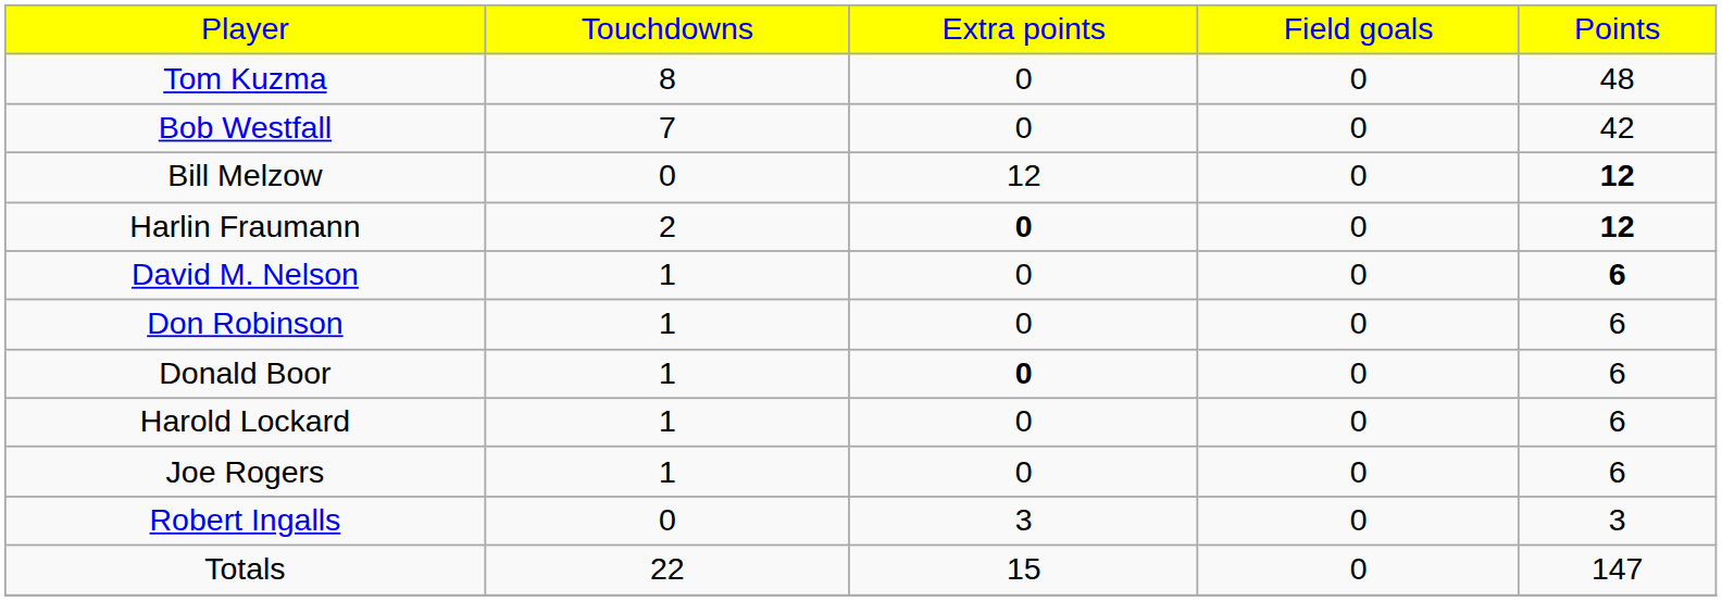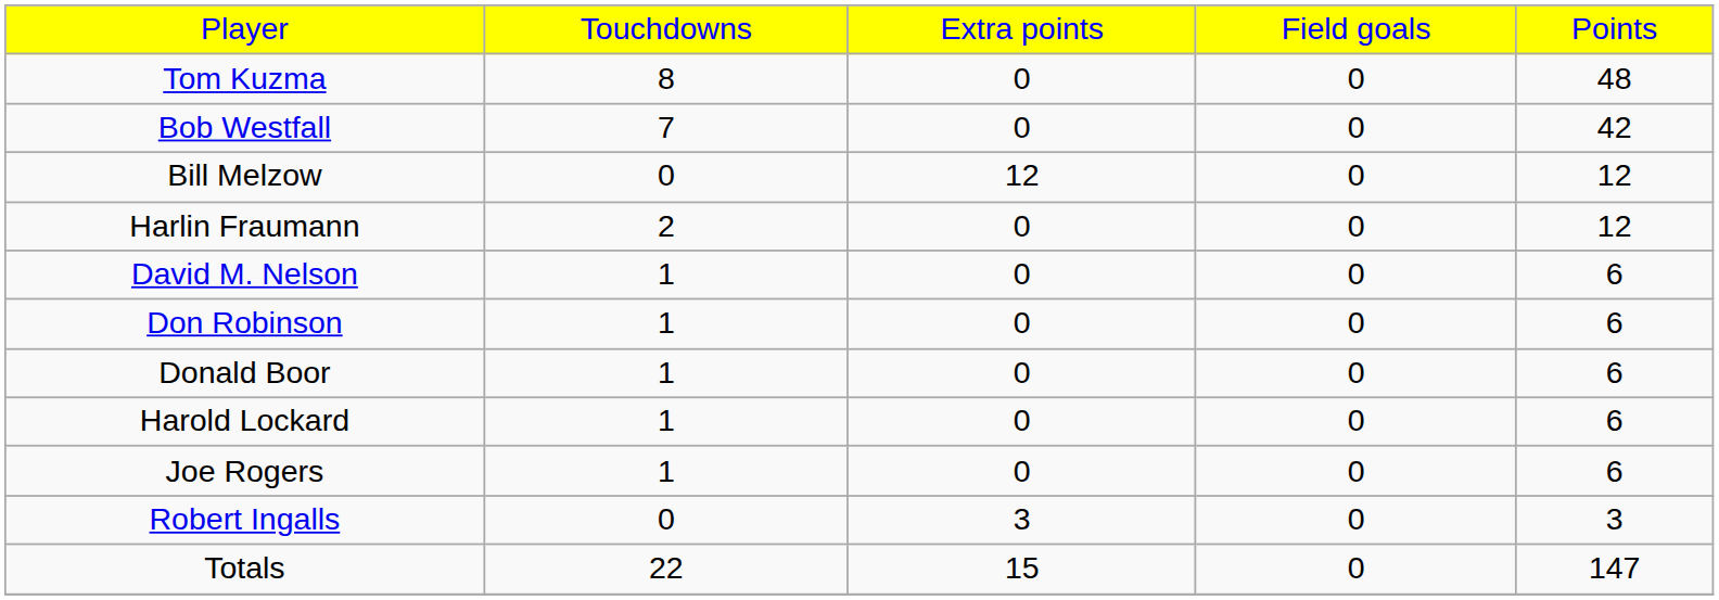 <table class="wikitable" width="70%">
 <tr align="center"  style="background:yellow;color:blue;">
 <td>Player</td>
 <td>Touchdowns</td>
 <td>Extra points</td>
 <td>Field goals</td>
 <td>Points</td>
 </tr>
 <tr align="center" bgcolor="">
 <td><a href='#'>Tom Kuzma</a></td>
 <td>8</td>
 <td>0</td>
 <td>0</td>
 <td>48</td>
 </tr>
 <tr align="center" bgcolor="">
 <td><a href='#'>Bob Westfall</a></td>
 <td>7</td>
 <td>0</td>
 <td>0</td>
 <td>42</td>
 </tr>
 <tr align="center" bgcolor="">
 <td>Bill Melzow</td>
 <td>0</td>
 <td>12</td>
 <td>0</td>
-<td><strong>12</strong></td>
+<td>12</td>
 </tr>
 <tr align="center" bgcolor="">
 <td>Harlin Fraumann</td>
 <td>2</td>
-<td><strong>0</strong></td>
 <td>0</td>
-<td><strong>12</strong></td>
+<td>0</td>
+<td>12</td>
 </tr>
 <tr align="center" bgcolor="">
 <td><a href='#'>David M. Nelson</a></td>
 <td>1</td>
 <td>0</td>
 <td>0</td>
-<td><strong>6</strong></td>
+<td>6</td>
 </tr>
 <tr align="center" bgcolor="">
 <td><a href='#'>Don Robinson</a></td>
 <td>1</td>
 <td>0</td>
 <td>0</td>
 <td>6</td>
 </tr>
 <tr align="center" bgcolor="">
 <td>Donald Boor</td>
 <td>1</td>
-<td><strong>0</strong></td>
+<td>0</td>
 <td>0</td>
 <td>6</td>
 </tr>
 <tr align="center" bgcolor="">
 <td>Harold Lockard</td>
 <td>1</td>
 <td>0</td>
 <td>0</td>
 <td>6</td>
 </tr>
 <tr align="center" bgcolor="">
 <td>Joe Rogers</td>
 <td>1</td>
 <td>0</td>
 <td>0</td>
 <td>6</td>
 </tr>
 <tr align="center" bgcolor="">
 <td><a href='#'>Robert Ingalls</a></td>
 <td>0</td>
 <td>3</td>
 <td>0</td>
 <td>3</td>
 </tr>
 <tr align="center" bgcolor="">
 <td>Totals</td>
 <td>22</td>
 <td>15</td>
 <td>0</td>
 <td>147</td>
 </tr>
 <tr align="center" bgcolor="">
 </tr>
 </table>
